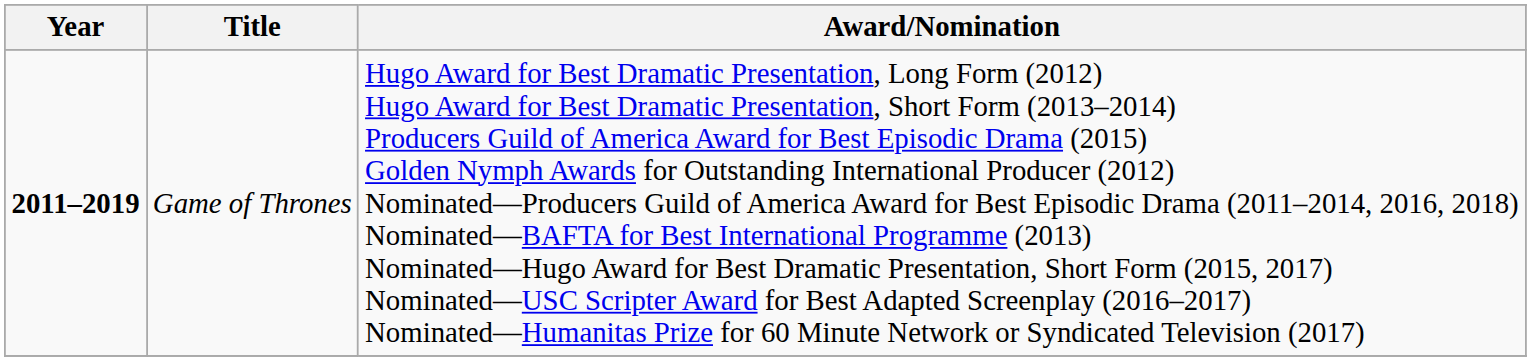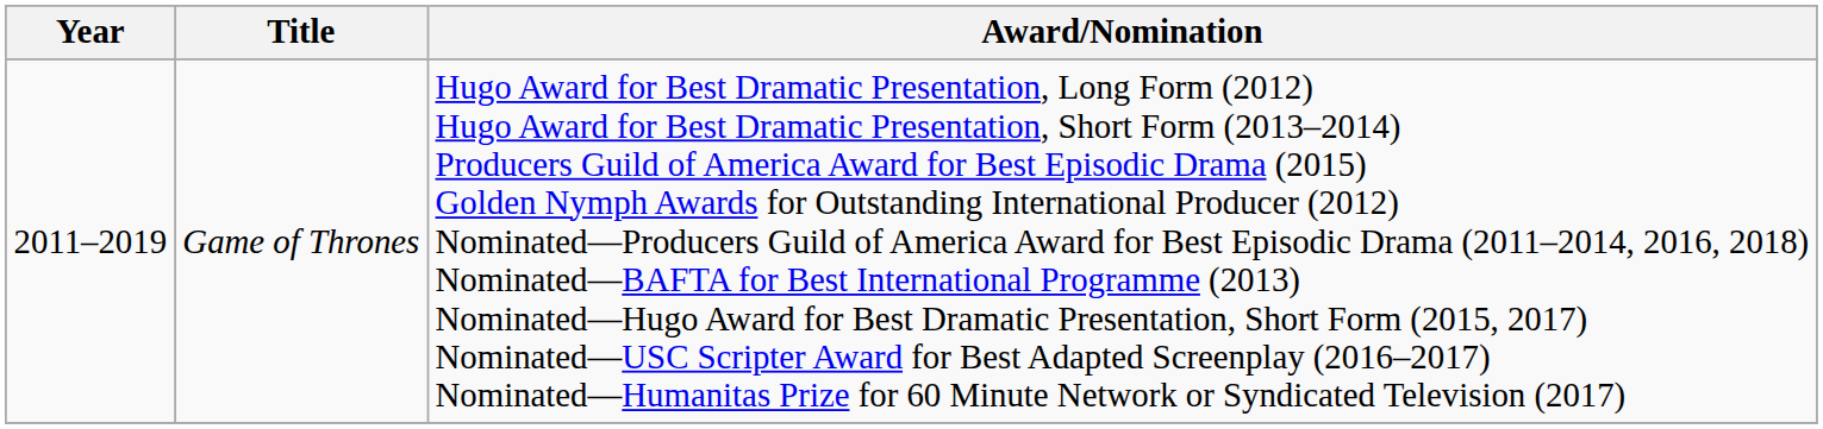 <table class="wikitable">
 <tr>
 <th>Year</th>
 <th>Title</th>
 <th>Award/Nomination</th>
 </tr>
 <tr>
-<td><strong>2011–2019</strong></td>
+<td>2011–2019</td>
 <td style="text-align:left"><em>Game of Thrones</em></td>
 <td><a href='#'>Hugo Award for Best Dramatic Presentation</a>, Long Form (2012)<br><a href='#'>Hugo Award for Best Dramatic Presentation</a>, Short Form (2013–2014)<br><a href='#'>Producers Guild of America Award for Best Episodic Drama</a> (2015)<br><a href='#'>Golden Nymph Awards</a> for Outstanding International Producer (2012)<br>Nominated—Producers Guild of America Award for Best Episodic Drama (2011–2014, 2016, 2018)<br>Nominated—<a href='#'>BAFTA for Best International Programme</a> (2013)<br>Nominated—Hugo Award for Best Dramatic Presentation, Short Form (2015, 2017)<br>Nominated—<a href='#'>USC Scripter Award</a> for Best Adapted Screenplay (2016–2017)<br>Nominated—<a href='#'>Humanitas Prize</a> for 60 Minute Network or Syndicated Television (2017)</td>
 </tr>
 <tr>
 </tr>
 </table>
